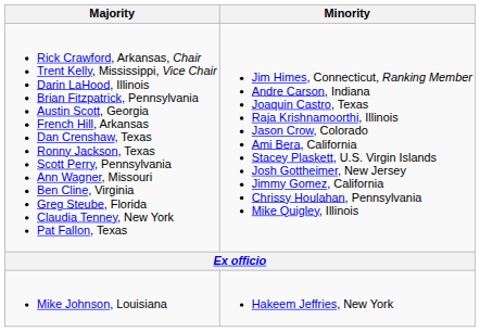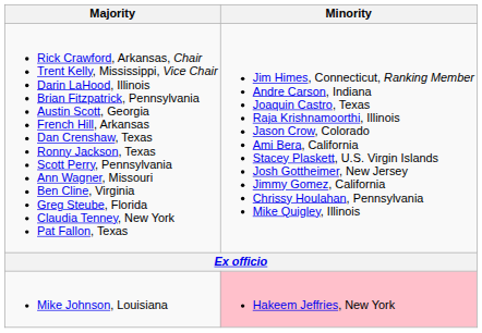 <table class="wikitable">
 <tr>
 <th>Majority</th>
 <th>Minority</th>
 </tr>
 <tr>
 <td style="background:"><br><ul><li><a href='#'>Rick Crawford</a>, Arkansas, <em>Chair</em></li><li><a href='#'>Trent Kelly</a>, Mississippi, <em>Vice Chair</em></li><li><a href='#'>Darin LaHood</a>, Illinois</li><li><a href='#'>Brian Fitzpatrick</a>, Pennsylvania</li><li><a href='#'>Austin Scott</a>, Georgia</li><li><a href='#'>French Hill</a>, Arkansas</li><li><a href='#'>Dan Crenshaw</a>, Texas</li><li><a href='#'>Ronny Jackson</a>, Texas</li><li><a href='#'>Scott Perry</a>, Pennsylvania</li><li><a href='#'>Ann Wagner</a>, Missouri</li><li><a href='#'>Ben Cline</a>, Virginia</li><li><a href='#'>Greg Steube</a>, Florida</li><li><a href='#'>Claudia Tenney</a>, New York</li><li><a href='#'>Pat Fallon</a>, Texas</li></ul></td>
 <td style="background:"><br><ul><li><a href='#'>Jim Himes</a>, Connecticut, <em>Ranking Member</em></li><li><a href='#'>Andre Carson</a>, Indiana</li><li><a href='#'>Joaquin Castro</a>, Texas</li><li><a href='#'>Raja Krishnamoorthi</a>, Illinois</li><li><a href='#'>Jason Crow</a>, Colorado</li><li><a href='#'>Ami Bera</a>, California</li><li><a href='#'>Stacey Plaskett</a>, U.S. Virgin Islands</li><li><a href='#'>Josh Gottheimer</a>, New Jersey</li><li><a href='#'>Jimmy Gomez</a>, California</li><li><a href='#'>Chrissy Houlahan</a>, Pennsylvania</li><li><a href='#'>Mike Quigley</a>, Illinois</li></ul></td>
 </tr>
 <tr>
 <th colspan=2><em><a href='#'>Ex officio</a></em></th>
 </tr>
 <tr>
 <td><br><ul><li><a href='#'>Mike Johnson</a>, Louisiana</li></ul></td>
-<td><br><ul><li><a href='#'>Hakeem Jeffries</a>, New York</li></ul></td>
+<td style="background: pink;"><br><ul><li><a href='#'>Hakeem Jeffries</a>, New York</li></ul></td>
 </tr>
 </table>
